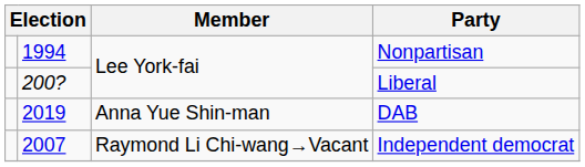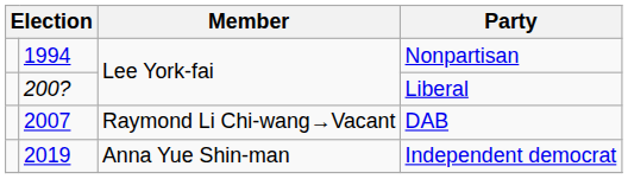 <table class="wikitable">
 <tr>
 <th colspan="2">Election</th>
 <th>Member</th>
 <th>Party</th>
 </tr>
 <tr>
 <td style="color:inherit;background:"></td>
 <td><a href='#'>1994</a></td>
 <td rowspan=2>Lee York-fai</td>
 <td><a href='#'>Nonpartisan</a></td>
 </tr>
 <tr>
 <td style="color:inherit;background:"></td>
 <td><em>200?</em></td>
 <td><a href='#'>Liberal</a></td>
 </tr>
 <tr>
 <td style="color:inherit;background:"></td>
-<td><a href='#'>2019</a></td>
-<td>Anna Yue Shin-man</td>
+<td><a href='#'>2007</a></td>
+<td>Raymond Li Chi-wang→Vacant</td>
 <td><a href='#'>DAB</a></td>
 </tr>
 <tr>
 <td style="color:inherit;background:"></td>
-<td><a href='#'>2007</a></td>
-<td>Raymond Li Chi-wang→Vacant</td>
+<td><a href='#'>2019</a></td>
+<td>Anna Yue Shin-man</td>
 <td><a href='#'>Independent democrat</a></td>
 </tr>
 <tr>
 </tr>
 </table>
